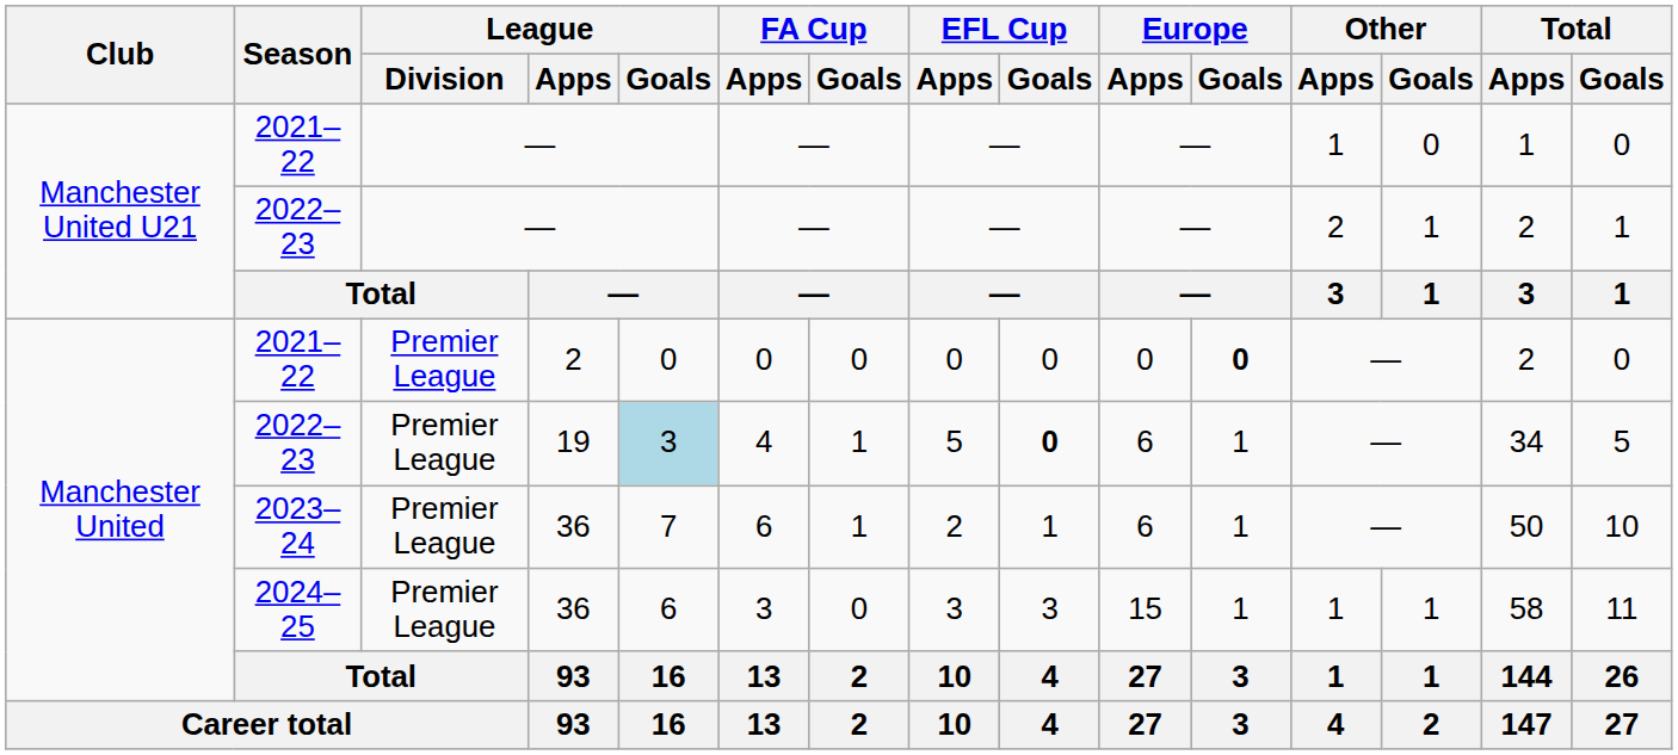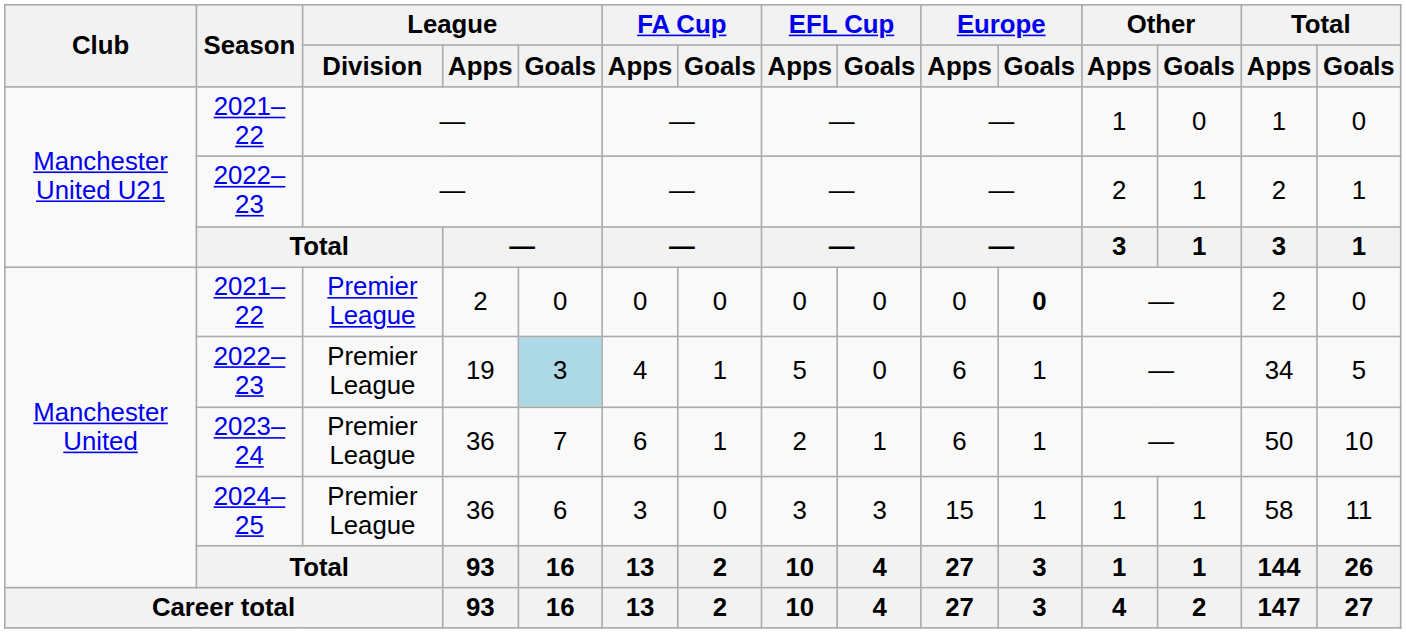 <table class="wikitable" style="text-align:center">
 <tr>
 <th rowspan="2">Club</th>
 <th rowspan="2">Season</th>
 <th colspan="3">League</th>
 <th colspan="2"><a href='#'>FA Cup</a></th>
 <th colspan="2"><a href='#'>EFL Cup</a></th>
 <th colspan="2"><a href='#'>Europe</a></th>
 <th colspan="2">Other</th>
 <th colspan="2">Total</th>
 </tr>
 <tr>
 <th>Division</th>
 <th>Apps</th>
 <th>Goals</th>
 <th>Apps</th>
 <th>Goals</th>
 <th>Apps</th>
 <th>Goals</th>
 <th>Apps</th>
 <th>Goals</th>
 <th>Apps</th>
 <th>Goals</th>
 <th>Apps</th>
 <th>Goals</th>
 </tr>
 <tr>
 <td rowspan="3"><a href='#'>Manchester United U21</a></td>
 <td><a href='#'>2021–22</a></td>
 <td colspan="3">—</td>
 <td colspan="2">—</td>
 <td colspan="2">—</td>
 <td colspan="2">—</td>
 <td>1</td>
 <td>0</td>
 <td>1</td>
 <td>0</td>
 </tr>
 <tr>
 <td><a href='#'>2022–23</a></td>
 <td colspan="3">—</td>
 <td colspan="2">—</td>
 <td colspan="2">—</td>
 <td colspan="2">—</td>
 <td>2</td>
 <td>1</td>
 <td>2</td>
 <td>1</td>
 </tr>
 <tr>
 <th colspan="2">Total</th>
 <th colspan="2">—</th>
 <th colspan="2">—</th>
 <th colspan="2">—</th>
 <th colspan="2">—</th>
 <th>3</th>
 <th>1</th>
 <th>3</th>
 <th>1</th>
 </tr>
 <tr>
 <td rowspan="5"><a href='#'>Manchester United</a></td>
 <td><a href='#'>2021–22</a></td>
 <td><a href='#'>Premier League</a></td>
 <td>2</td>
 <td>0</td>
 <td>0</td>
 <td>0</td>
 <td>0</td>
 <td>0</td>
 <td>0</td>
 <td><strong>0</strong></td>
 <td colspan="2">—</td>
 <td>2</td>
 <td>0</td>
 </tr>
 <tr>
 <td><a href='#'>2022–23</a></td>
 <td>Premier League</td>
 <td>19</td>
 <td style="background: lightblue;">3</td>
 <td>4</td>
 <td>1</td>
 <td>5</td>
-<td><strong>0</strong></td>
+<td>0</td>
 <td>6</td>
 <td>1</td>
 <td colspan="2">—</td>
 <td>34</td>
 <td>5</td>
 </tr>
 <tr>
 <td><a href='#'>2023–24</a></td>
 <td>Premier League</td>
 <td>36</td>
 <td>7</td>
 <td>6</td>
 <td>1</td>
 <td>2</td>
 <td>1</td>
 <td>6</td>
 <td>1</td>
 <td colspan="2">—</td>
 <td>50</td>
 <td>10</td>
 </tr>
 <tr>
 <td><a href='#'>2024–25</a></td>
 <td>Premier League</td>
 <td>36</td>
 <td>6</td>
 <td>3</td>
 <td>0</td>
 <td>3</td>
 <td>3</td>
 <td>15</td>
 <td>1</td>
 <td>1</td>
 <td>1</td>
 <td>58</td>
 <td>11</td>
 </tr>
 <tr>
 <th colspan="2">Total</th>
 <th>93</th>
 <th>16</th>
 <th>13</th>
 <th>2</th>
 <th>10</th>
 <th>4</th>
 <th>27</th>
 <th>3</th>
 <th>1</th>
 <th>1</th>
 <th>144</th>
 <th>26</th>
 </tr>
 <tr>
 <th colspan="3">Career total</th>
 <th>93</th>
 <th>16</th>
 <th>13</th>
 <th>2</th>
 <th>10</th>
 <th>4</th>
 <th>27</th>
 <th>3</th>
 <th>4</th>
 <th>2</th>
 <th>147</th>
 <th>27</th>
 </tr>
 </table>
